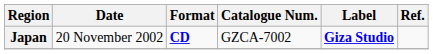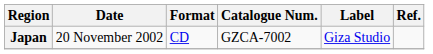 <table class="wikitable sortable plainrowheaders">
 <tr>
 <th scope="col">Region</th>
 <th scope="col">Date</th>
 <th scope="col">Format</th>
 <th scope="col">Catalogue Num.</th>
 <th scope="col">Label</th>
 <th scope="col">Ref.</th>
 </tr>
 <tr>
 <th scope="row">Japan</th>
 <td>20 November 2002</td>
-<td><strong><a href='#'>CD</a></strong></td>
+<td><a href='#'>CD</a></td>
 <td>GZCA-7002</td>
-<td><strong><a href='#'>Giza Studio</a></strong></td>
+<td><a href='#'>Giza Studio</a></td>
 <td></td>
 </tr>
 <tr>
 </tr>
 </table>
